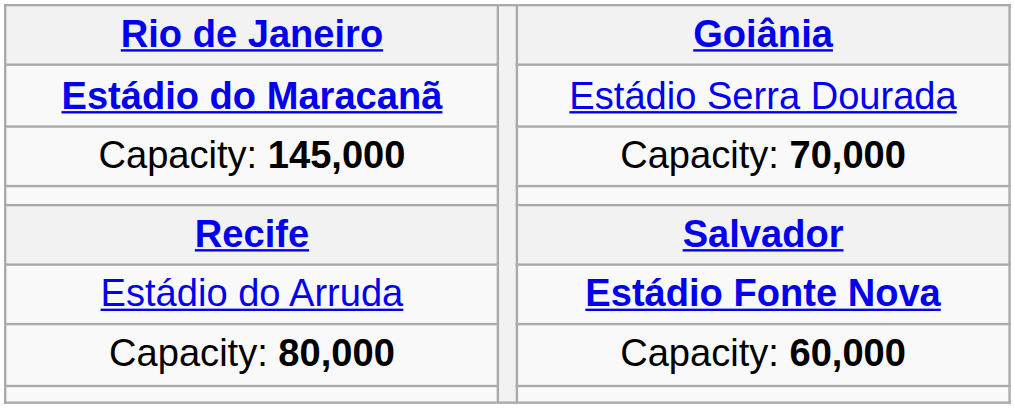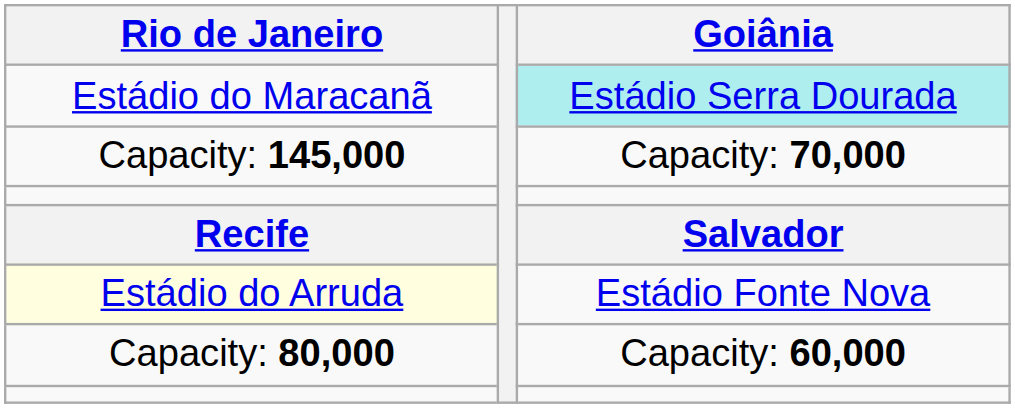 <table class="wikitable" style="text-align:center">
 <tr>
 <th width=200><a href='#'>Rio de Janeiro</a></th>
 <th rowspan= 8><br></th>
 <th width=200><a href='#'>Goiânia</a></th>
 </tr>
 <tr>
-<td><strong><a href='#'>Estádio do Maracanã</a></strong></td>
-<td><a href='#'>Estádio Serra Dourada</a></td>
+<td><a href='#'>Estádio do Maracanã</a></td>
+<td style="background: paleturquoise;"><a href='#'>Estádio Serra Dourada</a></td>
 </tr>
 <tr>
 <td>Capacity: <strong>145,000</strong></td>
 <td>Capacity: <strong>70,000</strong></td>
 </tr>
 <tr>
 <td></td>
 <td></td>
 </tr>
 <tr>
 <th><a href='#'>Recife</a></th>
 <th><a href='#'>Salvador</a></th>
 </tr>
 <tr>
-<td><a href='#'>Estádio do Arruda</a></td>
-<td><strong><a href='#'>Estádio Fonte Nova</a></strong></td>
+<td style="background: lightyellow;"><a href='#'>Estádio do Arruda</a></td>
+<td><a href='#'>Estádio Fonte Nova</a></td>
 </tr>
 <tr>
 <td>Capacity: <strong>80,000</strong></td>
 <td>Capacity: <strong>60,000</strong></td>
 </tr>
 <tr>
 <td></td>
 <td></td>
 </tr>
 </table>
